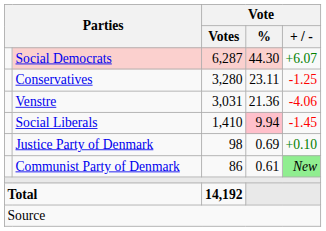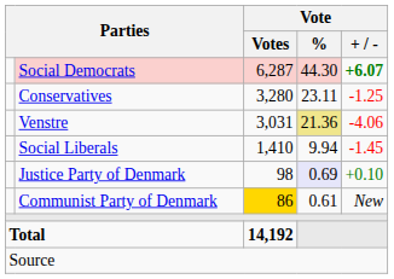 <table class="wikitable" style="text-align:right;">
 <tr>
 <th style="text-align:centre;" rowspan="2" colspan="2" width="225">Parties</th>
 <th colspan="3">Vote</th>
 </tr>
 <tr>
 <th width="15">Votes</th>
 <th width="15">%</th>
 <th width="15">+ / -</th>
 </tr>
 <tr>
 <td width="2" style="color:inherit;background:"></td>
 <td bgcolor=#fbd0ce  align="left"><a href='#'>Social Democrats</a></td>
 <td bgcolor=#fbd0ce>6,287</td>
 <td bgcolor=#fbd0ce>44.30</td>
-<td style=color:green;>+6.07</td>
+<td style=color:green;><strong>+6.07</strong></td>
 </tr>
 <tr>
 <td width="2" style="color:inherit;background:"></td>
 <td align="left"><a href='#'>Conservatives</a></td>
 <td>3,280</td>
 <td>23.11</td>
 <td style=color:red;>-1.25</td>
 </tr>
 <tr>
 <td width="2" style="color:inherit;background:"></td>
 <td align="left"><a href='#'>Venstre</a></td>
 <td>3,031</td>
-<td>21.36</td>
+<td style="background: khaki;">21.36</td>
 <td style=color:red;>-4.06</td>
 </tr>
 <tr>
 <td width="2" style="color:inherit;background:"></td>
 <td align="left"><a href='#'>Social Liberals</a></td>
 <td>1,410</td>
-<td style="background: pink;">9.94</td>
+<td>9.94</td>
 <td style=color:red;>-1.45</td>
 </tr>
 <tr>
 <td width="2" style="color:inherit;background:"></td>
 <td align="left"><a href='#'>Justice Party of Denmark</a></td>
 <td>98</td>
-<td>0.69</td>
+<td style="background: lavender;">0.69</td>
 <td style=color:green;>+0.10</td>
 </tr>
 <tr>
 <td width="2" style="color:inherit;background:"></td>
 <td align="left"><a href='#'>Communist Party of Denmark</a></td>
-<td>86</td>
+<td style="background: gold;">86</td>
 <td>0.61</td>
-<td style="background: lightgreen;"><em>New</em></td>
+<td><em>New</em></td>
 </tr>
 <tr>
 <td colspan="7" bgcolor="#E9E9E9"></td>
 </tr>
 <tr>
 <td align="left" colspan="2"><strong>Total</strong></td>
 <td><strong>14,192</strong></td>
 <td bgcolor="#E9E9E9" colspan="2"></td>
 </tr>
 <tr>
 <td align="left" colspan="6">Source</td>
 </tr>
 </table>
